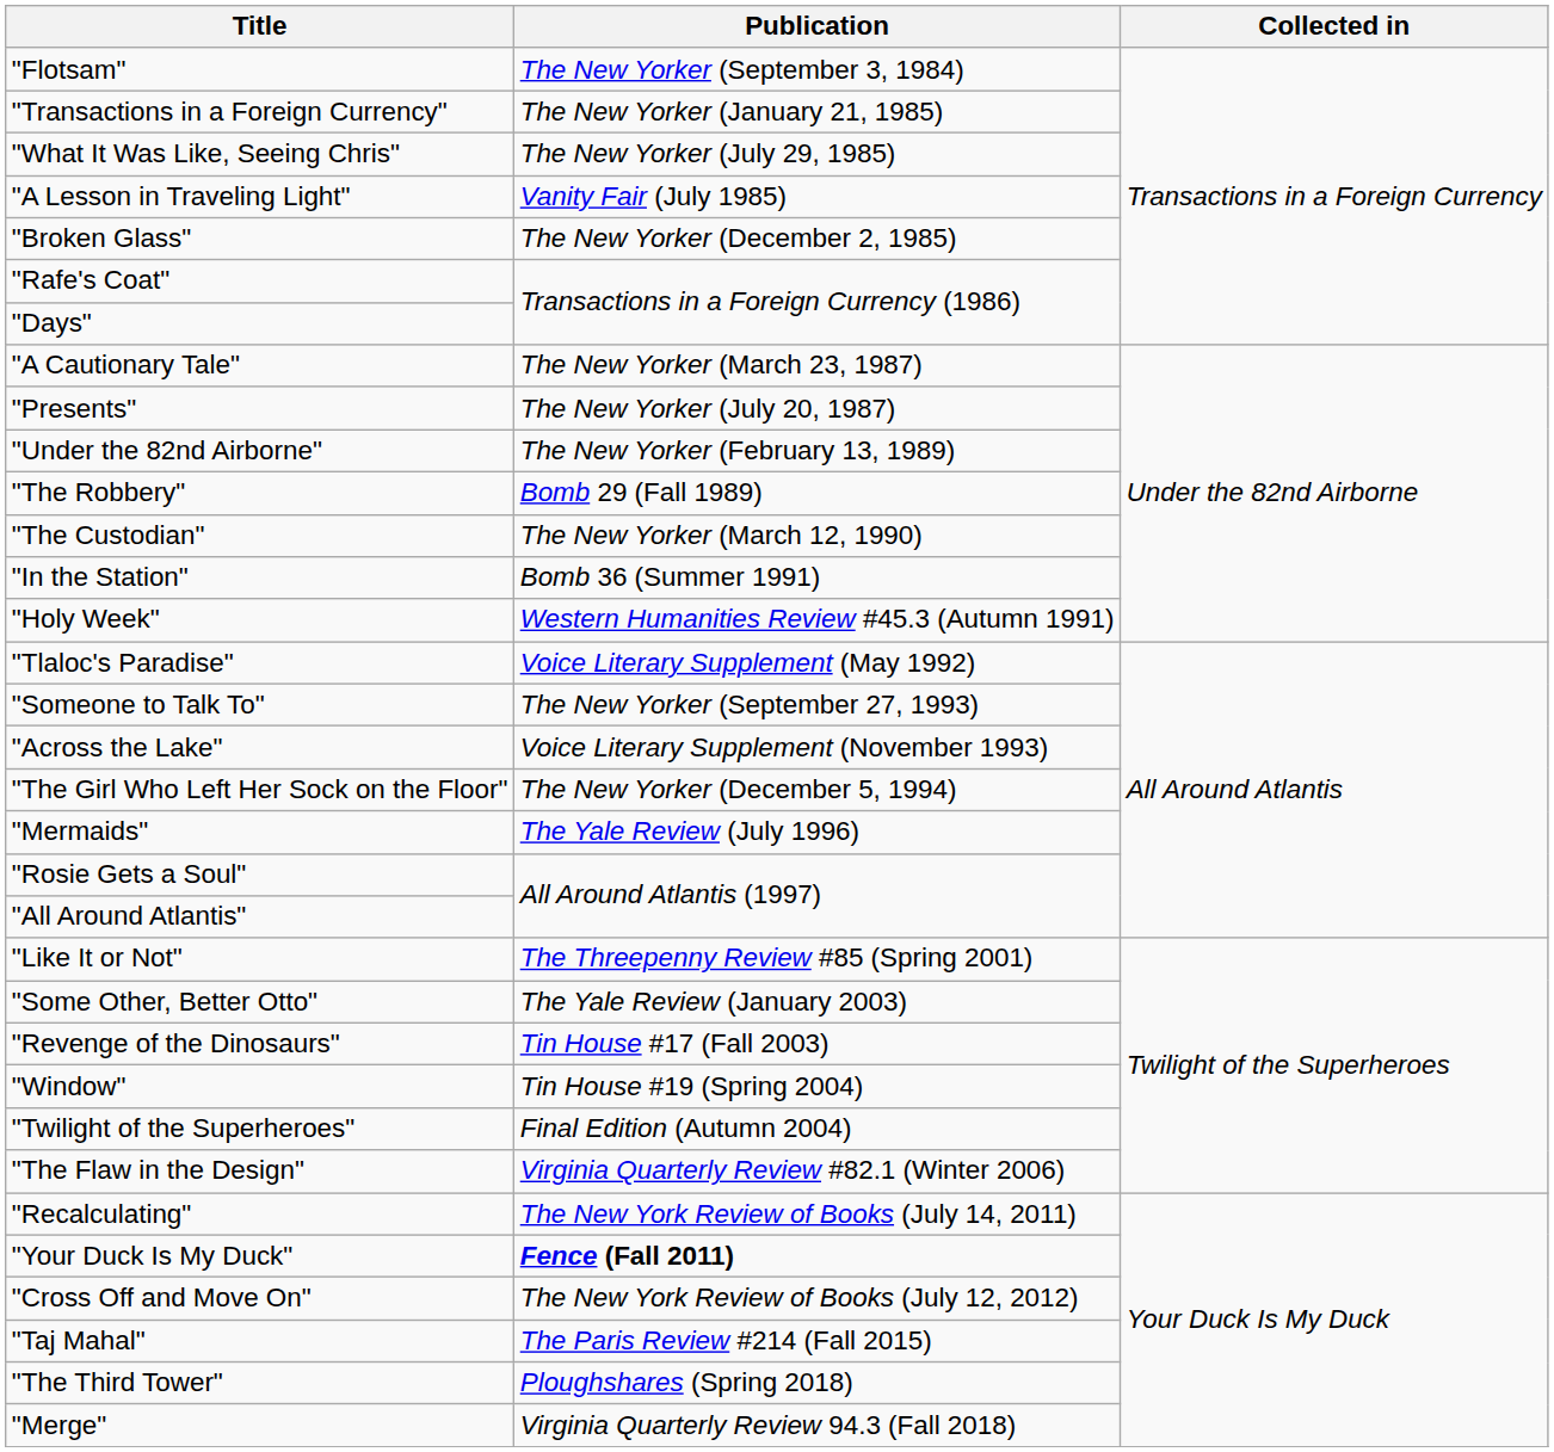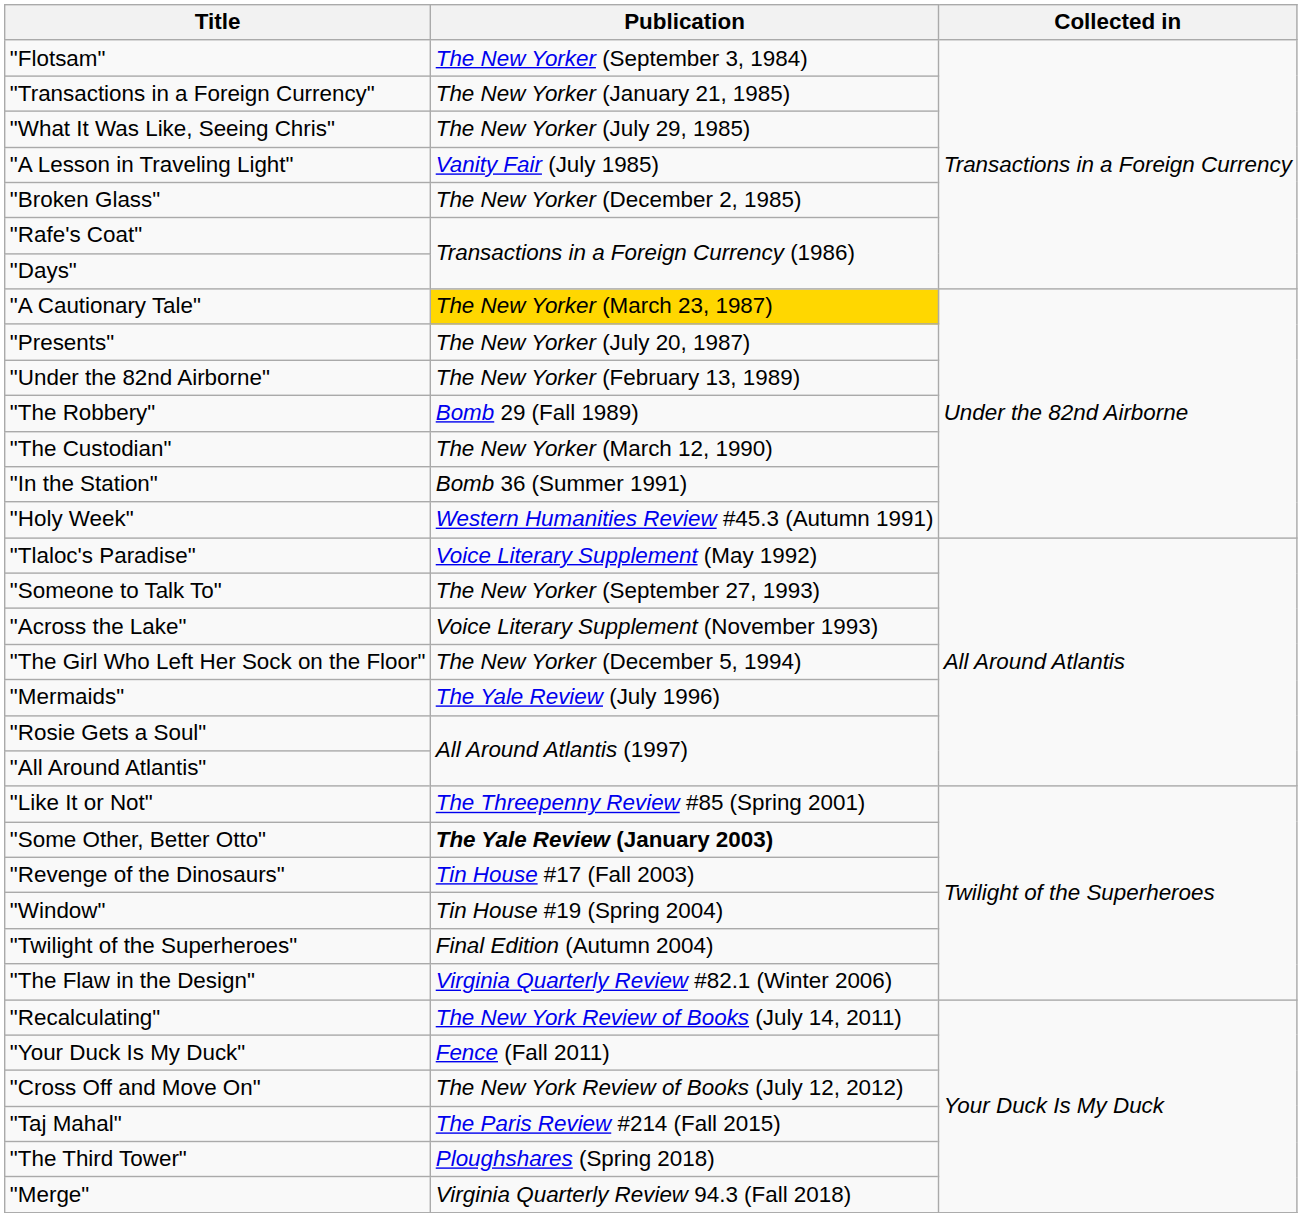 <table class="wikitable">
 <tr>
 <th>Title</th>
 <th>Publication</th>
 <th>Collected in</th>
 </tr>
 <tr>
 <td>"Flotsam"</td>
 <td><em><a href='#'>The New Yorker</a></em> (September 3, 1984)</td>
 <td rowspan=7><em>Transactions in a Foreign Currency</em></td>
 </tr>
 <tr>
 <td>"Transactions in a Foreign Currency"</td>
 <td><em>The New Yorker</em> (January 21, 1985)</td>
 </tr>
 <tr>
 <td>"What It Was Like, Seeing Chris"</td>
 <td><em>The New Yorker</em> (July 29, 1985)</td>
 </tr>
 <tr>
 <td>"A Lesson in Traveling Light"</td>
 <td><em><a href='#'>Vanity Fair</a></em> (July 1985)</td>
 </tr>
 <tr>
 <td>"Broken Glass"</td>
 <td><em>The New Yorker</em> (December 2, 1985)</td>
 </tr>
 <tr>
 <td>"Rafe's Coat"</td>
 <td rowspan=2><em>Transactions in a Foreign Currency</em> (1986)</td>
 </tr>
 <tr>
 <td>"Days"</td>
 </tr>
 <tr>
 <td>"A Cautionary Tale"</td>
-<td><em>The New Yorker</em> (March 23, 1987)</td>
+<td style="background: gold;"><em>The New Yorker</em> (March 23, 1987)</td>
 <td rowspan=7><em>Under the 82nd Airborne</em></td>
 </tr>
 <tr>
 <td>"Presents"</td>
 <td><em>The New Yorker</em> (July 20, 1987)</td>
 </tr>
 <tr>
 <td>"Under the 82nd Airborne"</td>
 <td><em>The New Yorker</em> (February 13, 1989)</td>
 </tr>
 <tr>
 <td>"The Robbery"</td>
 <td><em><a href='#'>Bomb</a></em> 29 (Fall 1989)</td>
 </tr>
 <tr>
 <td>"The Custodian"</td>
 <td><em>The New Yorker</em> (March 12, 1990)</td>
 </tr>
 <tr>
 <td>"In the Station"</td>
 <td><em>Bomb</em> 36 (Summer 1991)</td>
 </tr>
 <tr>
 <td>"Holy Week"</td>
 <td><em><a href='#'>Western Humanities Review</a></em> #45.3 (Autumn 1991)</td>
 </tr>
 <tr>
 <td>"Tlaloc's Paradise"</td>
 <td><em><a href='#'>Voice Literary Supplement</a></em> (May 1992)</td>
 <td rowspan=7><em>All Around Atlantis</em></td>
 </tr>
 <tr>
 <td>"Someone to Talk To"</td>
 <td><em>The New Yorker</em> (September 27, 1993)</td>
 </tr>
 <tr>
 <td>"Across the Lake"</td>
 <td><em>Voice Literary Supplement</em> (November 1993)</td>
 </tr>
 <tr>
 <td>"The Girl Who Left Her Sock on the Floor"</td>
 <td><em>The New Yorker</em> (December 5, 1994)</td>
 </tr>
 <tr>
 <td>"Mermaids"</td>
 <td><em><a href='#'>The Yale Review</a></em> (July 1996)</td>
 </tr>
 <tr>
 <td>"Rosie Gets a Soul"</td>
 <td rowspan=2><em>All Around Atlantis</em> (1997)</td>
 </tr>
 <tr>
 <td>"All Around Atlantis"</td>
 </tr>
 <tr>
 <td>"Like It or Not"</td>
 <td><em><a href='#'>The Threepenny Review</a></em> #85 (Spring 2001)</td>
 <td rowspan="6"><em>Twilight of the Superheroes</em></td>
 </tr>
 <tr>
 <td>"Some Other, Better Otto"</td>
-<td><em>The Yale Review</em> (January 2003)</td>
+<td><strong><em>The Yale Review</em> (January 2003)</strong></td>
 </tr>
 <tr>
 <td>"Revenge of the Dinosaurs"</td>
 <td><em><a href='#'>Tin House</a></em> #17 (Fall 2003)</td>
 </tr>
 <tr>
 <td>"Window"</td>
 <td><em>Tin House</em> #19 (Spring 2004)</td>
 </tr>
 <tr>
 <td>"Twilight of the Superheroes"</td>
 <td><em>Final Edition</em> (Autumn 2004)</td>
 </tr>
 <tr>
 <td>"The Flaw in the Design"</td>
 <td><em><a href='#'>Virginia Quarterly Review</a></em> #82.1 (Winter 2006)</td>
 </tr>
 <tr>
 <td>"Recalculating"</td>
 <td><em><a href='#'>The New York Review of Books</a></em> (July 14, 2011)</td>
 <td rowspan=6><em>Your Duck Is My Duck</em></td>
 </tr>
 <tr>
 <td>"Your Duck Is My Duck"</td>
-<td><strong><em><a href='#'>Fence</a></em> (Fall 2011)</strong></td>
+<td><em><a href='#'>Fence</a></em> (Fall 2011)</td>
 </tr>
 <tr>
 <td>"Cross Off and Move On"</td>
 <td><em>The New York Review of Books</em> (July 12, 2012)</td>
 </tr>
 <tr>
 <td>"Taj Mahal"</td>
 <td><em><a href='#'>The Paris Review</a></em> #214 (Fall 2015)</td>
 </tr>
 <tr>
 <td>"The Third Tower"</td>
 <td><em><a href='#'>Ploughshares</a></em> (Spring 2018)</td>
 </tr>
 <tr>
 <td>"Merge"</td>
 <td><em>Virginia Quarterly Review</em> 94.3 (Fall 2018)</td>
 </tr>
 <tr>
 </tr>
 </table>
